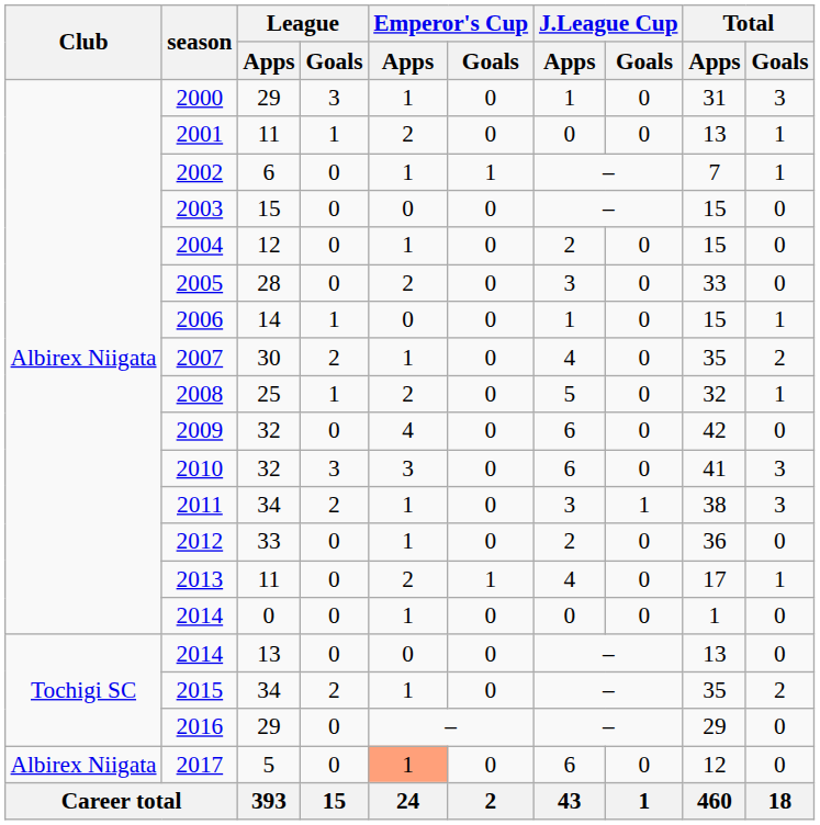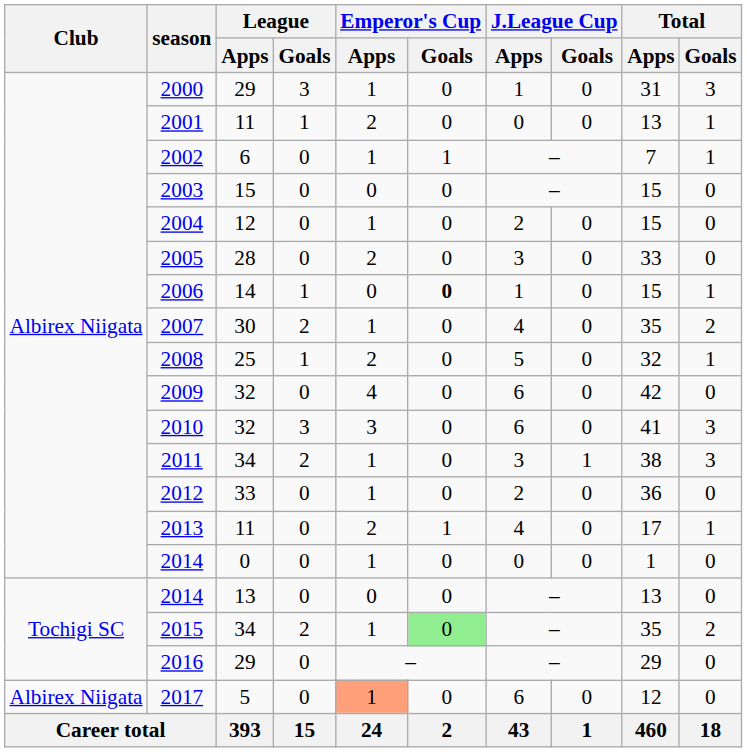 <table class="wikitable" style="text-align: center">
 <tr>
 <th rowspan="2">Club</th>
 <th rowspan="2">season</th>
 <th Colspan="2">League</th>
 <th Colspan="2"><a href='#'>Emperor's Cup</a></th>
 <th Colspan="2"><a href='#'>J.League Cup</a></th>
 <th Colspan="2">Total</th>
 </tr>
 <tr>
 <th>Apps</th>
 <th>Goals</th>
 <th>Apps</th>
 <th>Goals</th>
 <th>Apps</th>
 <th>Goals</th>
 <th>Apps</th>
 <th>Goals</th>
 </tr>
 <tr>
 <td rowspan="15"><a href='#'>Albirex Niigata</a></td>
 <td><a href='#'>2000</a></td>
 <td>29</td>
 <td>3</td>
 <td>1</td>
 <td>0</td>
 <td>1</td>
 <td>0</td>
 <td>31</td>
 <td>3</td>
 </tr>
 <tr>
 <td><a href='#'>2001</a></td>
 <td>11</td>
 <td>1</td>
 <td>2</td>
 <td>0</td>
 <td>0</td>
 <td>0</td>
 <td>13</td>
 <td>1</td>
 </tr>
 <tr>
 <td><a href='#'>2002</a></td>
 <td>6</td>
 <td>0</td>
 <td>1</td>
 <td>1</td>
 <td colspan="2">–</td>
 <td>7</td>
 <td>1</td>
 </tr>
 <tr>
 <td><a href='#'>2003</a></td>
 <td>15</td>
 <td>0</td>
 <td>0</td>
 <td>0</td>
 <td colspan="2">–</td>
 <td>15</td>
 <td>0</td>
 </tr>
 <tr>
 <td><a href='#'>2004</a></td>
 <td>12</td>
 <td>0</td>
 <td>1</td>
 <td>0</td>
 <td>2</td>
 <td>0</td>
 <td>15</td>
 <td>0</td>
 </tr>
 <tr>
 <td><a href='#'>2005</a></td>
 <td>28</td>
 <td>0</td>
 <td>2</td>
 <td>0</td>
 <td>3</td>
 <td>0</td>
 <td>33</td>
 <td>0</td>
 </tr>
 <tr>
 <td><a href='#'>2006</a></td>
 <td>14</td>
 <td>1</td>
 <td>0</td>
-<td>0</td>
+<td><strong>0</strong></td>
 <td>1</td>
 <td>0</td>
 <td>15</td>
 <td>1</td>
 </tr>
 <tr>
 <td><a href='#'>2007</a></td>
 <td>30</td>
 <td>2</td>
 <td>1</td>
 <td>0</td>
 <td>4</td>
 <td>0</td>
 <td>35</td>
 <td>2</td>
 </tr>
 <tr>
 <td><a href='#'>2008</a></td>
 <td>25</td>
 <td>1</td>
 <td>2</td>
 <td>0</td>
 <td>5</td>
 <td>0</td>
 <td>32</td>
 <td>1</td>
 </tr>
 <tr>
 <td><a href='#'>2009</a></td>
 <td>32</td>
 <td>0</td>
 <td>4</td>
 <td>0</td>
 <td>6</td>
 <td>0</td>
 <td>42</td>
 <td>0</td>
 </tr>
 <tr>
 <td><a href='#'>2010</a></td>
 <td>32</td>
 <td>3</td>
 <td>3</td>
 <td>0</td>
 <td>6</td>
 <td>0</td>
 <td>41</td>
 <td>3</td>
 </tr>
 <tr>
 <td><a href='#'>2011</a></td>
 <td>34</td>
 <td>2</td>
 <td>1</td>
 <td>0</td>
 <td>3</td>
 <td>1</td>
 <td>38</td>
 <td>3</td>
 </tr>
 <tr>
 <td><a href='#'>2012</a></td>
 <td>33</td>
 <td>0</td>
 <td>1</td>
 <td>0</td>
 <td>2</td>
 <td>0</td>
 <td>36</td>
 <td>0</td>
 </tr>
 <tr>
 <td><a href='#'>2013</a></td>
 <td>11</td>
 <td>0</td>
 <td>2</td>
 <td>1</td>
 <td>4</td>
 <td>0</td>
 <td>17</td>
 <td>1</td>
 </tr>
 <tr>
 <td><a href='#'>2014</a></td>
 <td>0</td>
 <td>0</td>
 <td>1</td>
 <td>0</td>
 <td>0</td>
 <td>0</td>
 <td>1</td>
 <td>0</td>
 </tr>
 <tr>
 <td rowspan="3"><a href='#'>Tochigi SC</a></td>
 <td><a href='#'>2014</a></td>
 <td>13</td>
 <td>0</td>
 <td>0</td>
 <td>0</td>
 <td colspan="2">–</td>
 <td>13</td>
 <td>0</td>
 </tr>
 <tr>
 <td><a href='#'>2015</a></td>
 <td>34</td>
 <td>2</td>
 <td>1</td>
-<td>0</td>
+<td style="background: lightgreen;">0</td>
 <td colspan="2">–</td>
 <td>35</td>
 <td>2</td>
 </tr>
 <tr>
 <td><a href='#'>2016</a></td>
 <td>29</td>
 <td>0</td>
 <td colspan="2">–</td>
 <td colspan="2">–</td>
 <td>29</td>
 <td>0</td>
 </tr>
 <tr>
 <td><a href='#'>Albirex Niigata</a></td>
 <td><a href='#'>2017</a></td>
 <td>5</td>
 <td>0</td>
 <td style="background: lightsalmon;">1</td>
 <td>0</td>
 <td>6</td>
 <td>0</td>
 <td>12</td>
 <td>0</td>
 </tr>
 <tr>
 <th colspan="2">Career total</th>
 <th>393</th>
 <th>15</th>
 <th>24</th>
 <th>2</th>
 <th>43</th>
 <th>1</th>
 <th>460</th>
 <th>18</th>
 </tr>
 </table>
